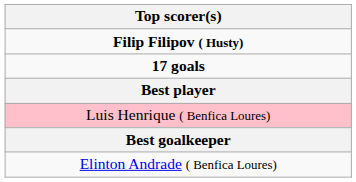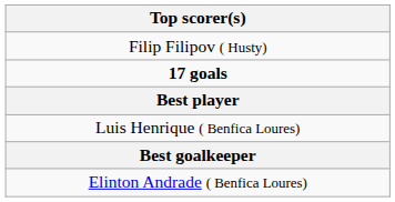 <table class="wikitable" style="margin: 1em auto 1em auto;">
 <tr>
 <th width=350 colspan=3>Top scorer(s)</th>
 </tr>
 <tr align=center style="background:">
-<td style="text-align:center;"><strong> Filip Filipov <small>( Husty)</small></strong></td>
+<td style="text-align:center;"> Filip Filipov <small>( Husty)</small></td>
 </tr>
 <tr>
 <td style="text-align:center;"><strong>17 goals</strong></td>
 </tr>
 <tr>
 <th colspan=3>Best player</th>
 </tr>
 <tr>
-<td style="background: pink; text-align:center;"> Luis Henrique <small>( Benfica Loures)</small></td>
+<td style="text-align:center;"> Luis Henrique <small>( Benfica Loures)</small></td>
 </tr>
 <tr>
 <th colspan=3>Best goalkeeper</th>
 </tr>
 <tr>
 <td style="text-align:center;"> <a href='#'>Elinton Andrade</a> <small>( Benfica Loures)</small></td>
 </tr>
 </table>
